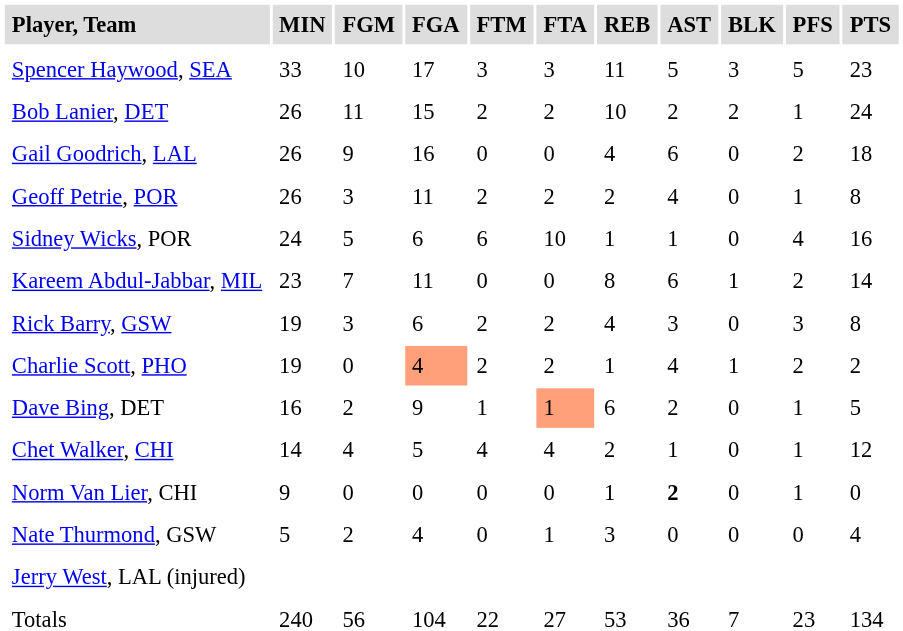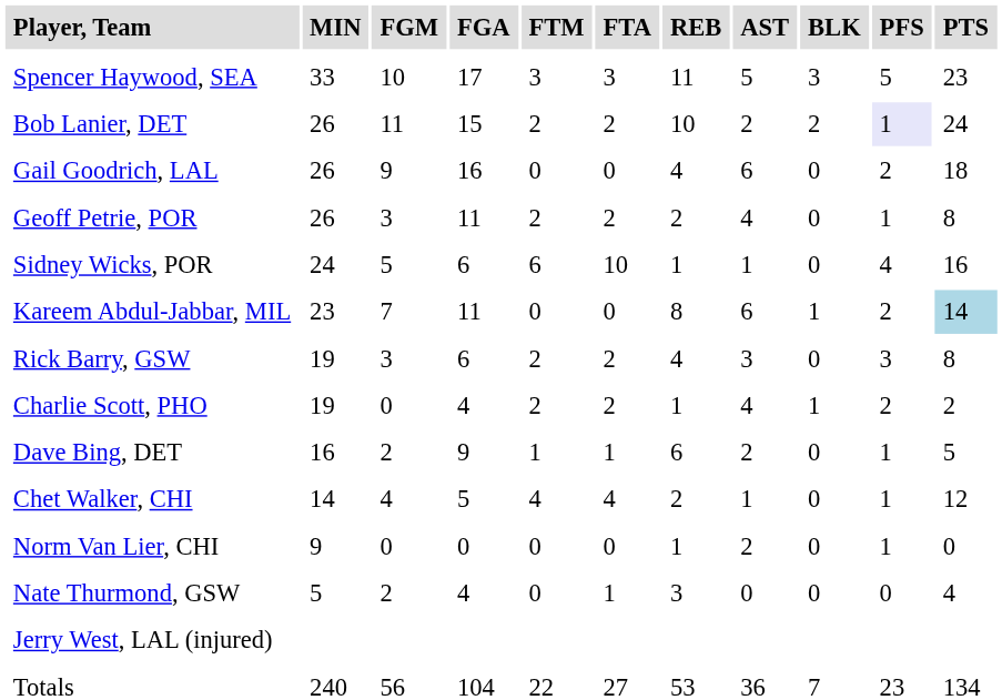 <table cellpadding=5>
 <tr bgcolor="#dddddd">
 <td><strong>Player, Team</strong></td>
 <td><strong>MIN</strong></td>
 <td><strong>FGM</strong></td>
 <td><strong>FGA</strong></td>
 <td><strong>FTM</strong></td>
 <td><strong>FTA</strong></td>
 <td><strong>REB</strong></td>
 <td><strong>AST</strong></td>
 <td><strong>BLK</strong></td>
 <td><strong>PFS</strong></td>
 <td><strong>PTS</strong></td>
 </tr>
 <tr bgcolor="#eeeeee">
 </tr>
 <tr>
 <td><a href='#'>Spencer Haywood</a>, <a href='#'>SEA</a></td>
 <td>33</td>
 <td>10</td>
 <td>17</td>
 <td>3</td>
 <td>3</td>
 <td>11</td>
 <td>5</td>
 <td>3</td>
 <td>5</td>
 <td>23</td>
 </tr>
 <tr>
 <td><a href='#'>Bob Lanier</a>, <a href='#'>DET</a></td>
 <td>26</td>
 <td>11</td>
 <td>15</td>
 <td>2</td>
 <td>2</td>
 <td>10</td>
 <td>2</td>
 <td>2</td>
-<td>1</td>
+<td style="background: lavender;">1</td>
 <td>24</td>
 </tr>
 <tr>
 <td><a href='#'>Gail Goodrich</a>, <a href='#'>LAL</a></td>
 <td>26</td>
 <td>9</td>
 <td>16</td>
 <td>0</td>
 <td>0</td>
 <td>4</td>
 <td>6</td>
 <td>0</td>
 <td>2</td>
 <td>18</td>
 </tr>
 <tr>
 <td><a href='#'>Geoff Petrie</a>, <a href='#'>POR</a></td>
 <td>26</td>
 <td>3</td>
 <td>11</td>
 <td>2</td>
 <td>2</td>
 <td>2</td>
 <td>4</td>
 <td>0</td>
 <td>1</td>
 <td>8</td>
 </tr>
 <tr>
 <td><a href='#'>Sidney Wicks</a>, POR</td>
 <td>24</td>
 <td>5</td>
 <td>6</td>
 <td>6</td>
 <td>10</td>
 <td>1</td>
 <td>1</td>
 <td>0</td>
 <td>4</td>
 <td>16</td>
 </tr>
 <tr>
 <td><a href='#'>Kareem Abdul-Jabbar</a>, <a href='#'>MIL</a></td>
 <td>23</td>
 <td>7</td>
 <td>11</td>
 <td>0</td>
 <td>0</td>
 <td>8</td>
 <td>6</td>
 <td>1</td>
 <td>2</td>
-<td>14</td>
+<td style="background: lightblue;">14</td>
 </tr>
 <tr>
 <td><a href='#'>Rick Barry</a>, <a href='#'>GSW</a></td>
 <td>19</td>
 <td>3</td>
 <td>6</td>
 <td>2</td>
 <td>2</td>
 <td>4</td>
 <td>3</td>
 <td>0</td>
 <td>3</td>
 <td>8</td>
 </tr>
 <tr>
 <td><a href='#'>Charlie Scott</a>, <a href='#'>PHO</a></td>
 <td>19</td>
 <td>0</td>
-<td style="background: lightsalmon;">4</td>
+<td>4</td>
 <td>2</td>
 <td>2</td>
 <td>1</td>
 <td>4</td>
 <td>1</td>
 <td>2</td>
 <td>2</td>
 </tr>
 <tr>
 <td><a href='#'>Dave Bing</a>, DET</td>
 <td>16</td>
 <td>2</td>
 <td>9</td>
 <td>1</td>
-<td style="background: lightsalmon;">1</td>
+<td>1</td>
 <td>6</td>
 <td>2</td>
 <td>0</td>
 <td>1</td>
 <td>5</td>
 </tr>
 <tr>
 <td><a href='#'>Chet Walker</a>, <a href='#'>CHI</a></td>
 <td>14</td>
 <td>4</td>
 <td>5</td>
 <td>4</td>
 <td>4</td>
 <td>2</td>
 <td>1</td>
 <td>0</td>
 <td>1</td>
 <td>12</td>
 </tr>
 <tr>
 <td><a href='#'>Norm Van Lier</a>, CHI</td>
 <td>9</td>
 <td>0</td>
 <td>0</td>
 <td>0</td>
 <td>0</td>
 <td>1</td>
-<td><strong>2</strong></td>
+<td>2</td>
 <td>0</td>
 <td>1</td>
 <td>0</td>
 </tr>
 <tr>
 <td><a href='#'>Nate Thurmond</a>, GSW</td>
 <td>5</td>
 <td>2</td>
 <td>4</td>
 <td>0</td>
 <td>1</td>
 <td>3</td>
 <td>0</td>
 <td>0</td>
 <td>0</td>
 <td>4</td>
 </tr>
 <tr>
 <td><a href='#'>Jerry West</a>, LAL (injured)</td>
 </tr>
 <tr>
 <td>Totals</td>
 <td>240</td>
 <td>56</td>
 <td>104</td>
 <td>22</td>
 <td>27</td>
 <td>53</td>
 <td>36</td>
 <td>7</td>
 <td>23</td>
 <td>134</td>
 </tr>
 <tr>
 </tr>
 </table>
